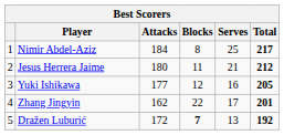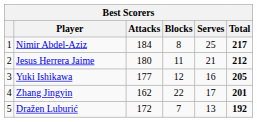 <table class="wikitable sortable" style=font-size:90%>
 <tr>
 <th colspan=6>Best Scorers</th>
 </tr>
 <tr>
 <th></th>
 <th width=158>Player</th>
 <th width=20>Attacks</th>
 <th width=20>Blocks</th>
 <th width=20>Serves</th>
 <th width=20>Total</th>
 </tr>
 <tr>
 <td>1</td>
 <td> <a href='#'>Nimir Abdel-Aziz</a></td>
 <td align=center>184</td>
 <td align=center>8</td>
 <td align=center>25</td>
 <td align=center><strong>217</strong></td>
 </tr>
 <tr>
 <td>2</td>
 <td> <a href='#'>Jesus Herrera Jaime</a></td>
 <td align=center>180</td>
 <td align=center>11</td>
 <td align=center>21</td>
 <td align=center><strong>212</strong></td>
 </tr>
 <tr>
 <td>3</td>
 <td> <a href='#'>Yuki Ishikawa</a></td>
 <td align=center>177</td>
 <td align=center>12</td>
 <td align=center>16</td>
 <td align=center><strong>205</strong></td>
 </tr>
 <tr>
 <td>4</td>
 <td> <a href='#'>Zhang Jingyin</a></td>
 <td align=center>162</td>
 <td align=center>22</td>
 <td align=center>17</td>
 <td align=center><strong>201</strong></td>
 </tr>
 <tr>
 <td>5</td>
 <td> <a href='#'>Dražen Luburić</a></td>
 <td align=center>172</td>
-<td align=center><strong>7</strong></td>
+<td align=center>7</td>
 <td align=center>13</td>
 <td align=center><strong>192</strong></td>
 </tr>
 </table>
